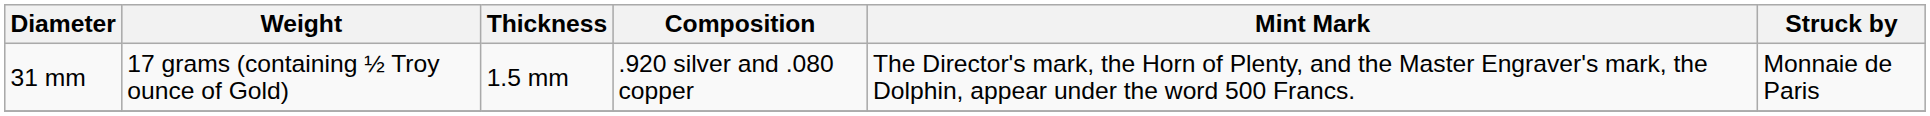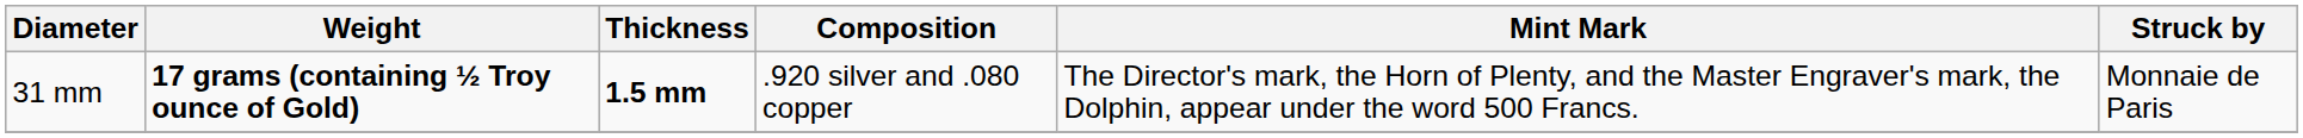 <table class="wikitable">
 <tr>
 <th>Diameter</th>
 <th>Weight</th>
 <th>Thickness</th>
 <th>Composition</th>
 <th>Mint Mark</th>
 <th>Struck by</th>
 </tr>
 <tr>
 <td>31 mm</td>
-<td>17 grams (containing ½ Troy ounce of Gold)</td>
-<td>1.5 mm</td>
+<td><strong>17 grams (containing ½ Troy ounce of Gold)</strong></td>
+<td><strong>1.5 mm</strong></td>
 <td>.920 silver and .080 copper</td>
 <td>The Director's mark, the Horn of Plenty, and the Master Engraver's mark, the Dolphin, appear under the word 500 Francs.</td>
 <td>Monnaie de Paris</td>
 </tr>
 <tr>
 </tr>
 </table>
